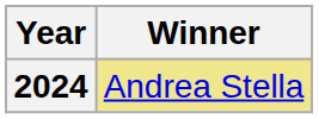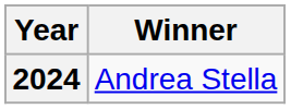 <table class="wikitable" style="font-size: 90%;">
 <tr>
 <th>Year</th>
 <th>Winner</th>
 </tr>
 <tr>
 <th>2024</th>
-<td style="background: khaki;"><a href='#'>Andrea Stella</a></td>
+<td><a href='#'>Andrea Stella</a></td>
 </tr>
 </table>
